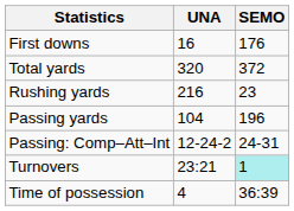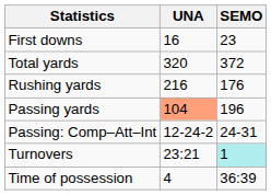 <table class="wikitable" style="float:left">
 <tr>
 <th>Statistics</th>
 <th>UNA</th>
 <th>SEMO</th>
 </tr>
 <tr>
 <td>First downs</td>
 <td>16</td>
-<td>176</td>
+<td>23</td>
 </tr>
 <tr>
 <td>Total yards</td>
 <td>320</td>
 <td>372</td>
 </tr>
 <tr>
 <td>Rushing yards</td>
 <td>216</td>
-<td>23</td>
+<td>176</td>
 </tr>
 <tr>
 <td>Passing yards</td>
-<td>104</td>
+<td style="background: lightsalmon;">104</td>
 <td>196</td>
 </tr>
 <tr>
 <td>Passing: Comp–Att–Int</td>
 <td>12-24-2</td>
 <td>24-31</td>
 </tr>
 <tr>
 <td>Turnovers</td>
 <td>23:21</td>
 <td style="background: paleturquoise;">1</td>
 </tr>
 <tr>
 <td>Time of possession</td>
 <td>4</td>
 <td>36:39</td>
 </tr>
 </table>
